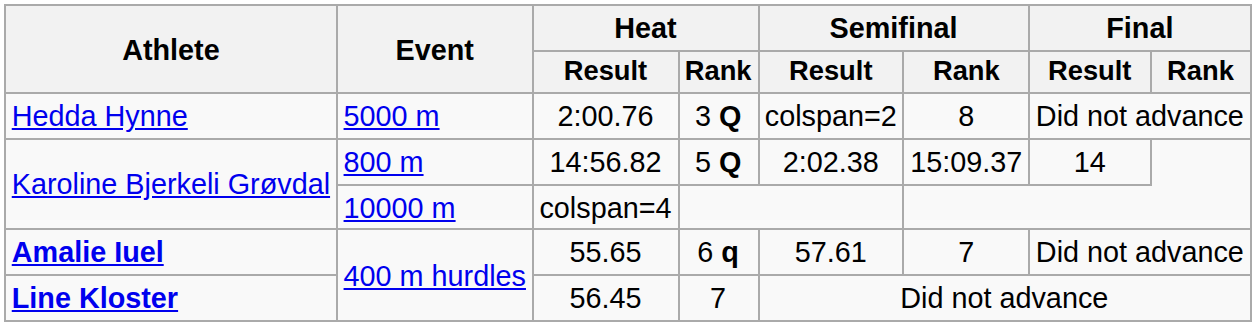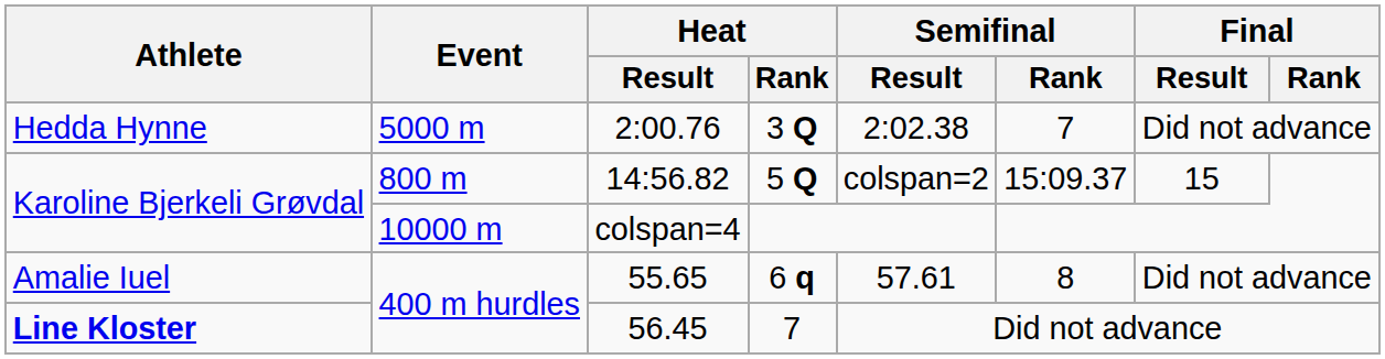 <table class="wikitable" style="font-size:90%">
 <tr>
 <th rowspan="2">Athlete</th>
 <th rowspan="2">Event</th>
 <th colspan="2">Heat</th>
 <th colspan="2">Semifinal</th>
 <th colspan="2">Final</th>
 </tr>
 <tr style="font-size:95%">
 <th>Result</th>
 <th>Rank</th>
 <th>Result</th>
 <th>Rank</th>
 <th>Result</th>
 <th>Rank</th>
 </tr>
 <tr align=center>
 <td align=left><a href='#'>Hedda Hynne</a></td>
 <td align="left"><a href='#'>5000 m</a></td>
 <td>2:00.76</td>
 <td>3 <strong>Q</strong></td>
-<td>colspan=2 </td>
-<td>8</td>
+<td>2:02.38</td>
+<td>7</td>
 <td colspan="2">Did not advance</td>
 </tr>
 <tr align="center">
 <td rowspan="2" align="left"><a href='#'>Karoline Bjerkeli Grøvdal</a></td>
 <td align=left><a href='#'>800 m</a></td>
 <td>14:56.82</td>
 <td>5 <strong>Q</strong></td>
-<td>2:02.38</td>
+<td>colspan=2 </td>
 <td>15:09.37</td>
-<td>14</td>
+<td>15</td>
 </tr>
 <tr align="center">
 <td align="left"><a href='#'>10000 m</a></td>
 <td>colspan=4 </td>
 <td colspan=2></td>
 </tr>
 <tr align="center">
-<td align="left"><strong><a href='#'>Amalie Iuel</a></strong></td>
+<td align="left"><a href='#'>Amalie Iuel</a></td>
 <td rowspan="2" align="left"><a href='#'>400 m hurdles</a></td>
 <td>55.65</td>
 <td>6 <strong>q</strong></td>
 <td>57.61</td>
-<td>7</td>
+<td>8</td>
 <td colspan="2">Did not advance</td>
 </tr>
 <tr align="center">
 <td align="left"><strong><a href='#'>Line Kloster</a></strong></td>
 <td>56.45</td>
 <td>7</td>
 <td colspan="4">Did not advance</td>
 </tr>
 </table>
